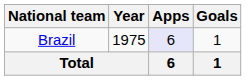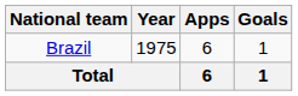 <table class="wikitable" style="text-align:center">
 <tr>
 <th>National team</th>
 <th>Year</th>
 <th>Apps</th>
 <th>Goals</th>
 </tr>
 <tr>
 <td rowspan="1"><a href='#'>Brazil</a></td>
 <td>1975</td>
-<td style="background: lavender;">6</td>
+<td>6</td>
 <td>1</td>
 </tr>
 <tr>
 <th colspan=2>Total</th>
 <th>6</th>
 <th>1</th>
 </tr>
 </table>
